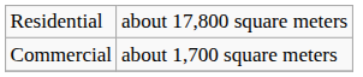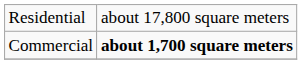 <table class="wikitable">
 <tr>
 <td>Residential</td>
 <td>about 17,800 square meters</td>
 </tr>
 <tr>
 <td>Commercial</td>
-<td>about 1,700 square meters</td>
+<td><strong>about 1,700 square meters</strong></td>
 </tr>
 <tr>
 </tr>
 </table>
